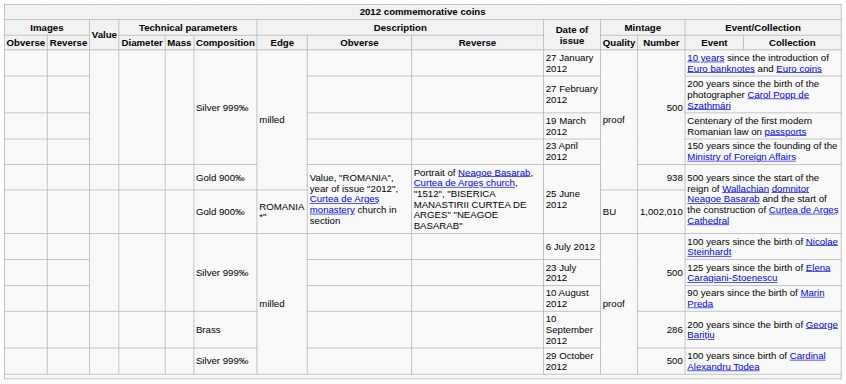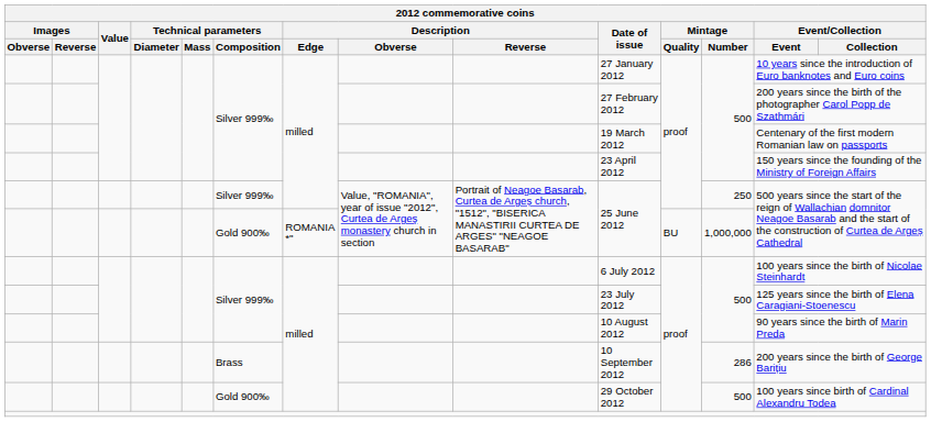 <table class="wikitable" style="font-size: 90%">
 <tr>
 <th colspan="14">2012 commemorative coins</th>
 </tr>
 <tr>
 <th colspan=2>Images</th>
 <th rowspan=2>Value</th>
 <th colspan=3>Technical parameters</th>
 <th colspan=3>Description</th>
 <th rowspan=2>Date of issue</th>
 <th colspan=2>Mintage</th>
 <th colspan=2>Event/Collection</th>
 </tr>
 <tr>
 <th>Obverse</th>
 <th>Reverse</th>
 <th>Diameter</th>
 <th>Mass</th>
 <th>Composition</th>
 <th>Edge</th>
 <th>Obverse</th>
 <th>Reverse</th>
 <th>Quality</th>
 <th>Number</th>
 <th>Event</th>
 <th>Collection</th>
 </tr>
 <tr>
 <td></td>
 <td></td>
 <td rowspan="4" align="right"></td>
 <td rowspan="4" align="right"></td>
 <td rowspan="4" align="right"></td>
 <td rowspan="4">Silver 999‰</td>
 <td rowspan="5">milled</td>
 <td></td>
 <td></td>
 <td>27 January 2012</td>
 <td rowspan="5">proof</td>
 <td rowspan="4" align="right">500</td>
 <td colspan = 2><a href='#'>10 years</a> since the introduction of <a href='#'>Euro banknotes</a> and <a href='#'>Euro coins</a></td>
 </tr>
 <tr>
 <td></td>
 <td></td>
 <td></td>
 <td></td>
 <td>27 February 2012</td>
 <td colspan = 2>200 years since the birth of the photographer <a href='#'>Carol Popp de Szathmári</a></td>
 </tr>
 <tr>
 <td></td>
 <td></td>
 <td></td>
 <td></td>
 <td>19 March 2012</td>
 <td colspan = 2>Centenary of the first modern Romanian law on <a href='#'>passports</a></td>
 </tr>
 <tr>
 <td></td>
 <td></td>
 <td></td>
 <td></td>
 <td>23 April 2012</td>
 <td colspan = 2>150 years since the founding of the <a href='#'>Ministry of Foreign Affairs</a></td>
 </tr>
 <tr>
 <td></td>
 <td></td>
 <td align = right></td>
 <td align = right></td>
 <td align = right></td>
-<td>Gold 900‰</td>
+<td>Silver 999‰</td>
 <td rowspan=2>Value, "ROMANIA", year of issue "2012", <a href='#'>Curtea de Argeş monastery</a> church in section</td>
 <td rowspan=2>Portrait of <a href='#'>Neagoe Basarab</a>, <a href='#'>Curtea de Argeș church</a>, "1512", "BISERICA MANASTIRII CURTEA DE ARGES" "NEAGOE BASARAB"</td>
 <td rowspan=2>25 June 2012</td>
-<td align = right>938</td>
+<td align = right>250</td>
 <td colspan=2 rowspan=2>500 years since the start of the reign of <a href='#'>Wallachian</a> <a href='#'>domnitor</a> <a href='#'>Neagoe Basarab</a> and the start of the construction of <a href='#'>Curtea de Argeș Cathedral</a></td>
 </tr>
 <tr>
 <td></td>
 <td></td>
 <td align = right></td>
 <td align = right></td>
 <td align = right></td>
 <td>Gold 900‰</td>
 <td>ROMANIA *"</td>
 <td>BU</td>
-<td align = right>1,002,010</td>
+<td align = right>1,000,000</td>
 </tr>
 <tr>
 <td></td>
 <td></td>
 <td rowspan="3" align="right"></td>
 <td rowspan="3" align="right"></td>
 <td rowspan="3" align="right"></td>
 <td rowspan="3">Silver 999‰</td>
 <td rowspan="5">milled</td>
 <td></td>
 <td></td>
 <td>6 July 2012</td>
 <td rowspan="5">proof</td>
 <td rowspan="3" align="right">500</td>
 <td colspan=2>100 years since the birth of <a href='#'>Nicolae Steinhardt</a></td>
 </tr>
 <tr>
 <td></td>
 <td></td>
 <td></td>
 <td></td>
 <td>23 July 2012</td>
 <td colspan=2>125 years since the birth of <a href='#'>Elena Caragiani-Stoenescu</a></td>
 </tr>
 <tr>
 <td></td>
 <td></td>
 <td></td>
 <td></td>
 <td>10 August 2012</td>
 <td colspan=2>90 years since the birth of <a href='#'>Marin Preda</a></td>
 </tr>
 <tr>
 <td></td>
 <td></td>
 <td align = right></td>
 <td align = right></td>
 <td align = right></td>
 <td>Brass</td>
 <td></td>
 <td></td>
 <td>10 September 2012</td>
 <td align = right>286</td>
 <td colspan=2>200 years since the birth of <a href='#'>George Barițiu</a></td>
 </tr>
 <tr>
 <td></td>
 <td></td>
 <td align = right></td>
 <td align = right></td>
 <td align = right></td>
-<td>Silver 999‰</td>
+<td>Gold 900‰</td>
 <td></td>
 <td></td>
 <td>29 October 2012</td>
 <td align = right>500</td>
 <td colspan=2>100 years since birth of <a href='#'>Cardinal</a> <a href='#'>Alexandru Todea</a></td>
 </tr>
 <tr>
 <td colspan="14"></td>
 </tr>
 </table>
